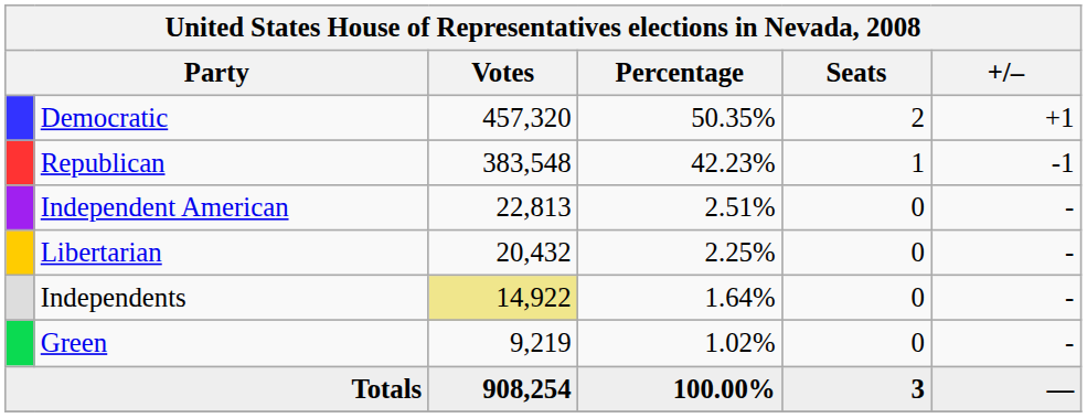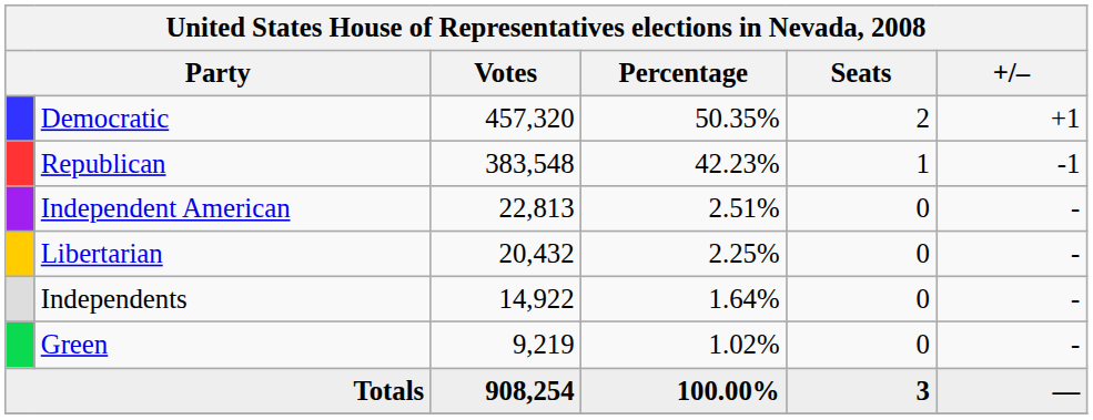 <table class="wikitable" style="font-size: 95%;">
 <tr>
 <th colspan="6">United States House of Representatives elections in Nevada, 2008</th>
 </tr>
 <tr>
 <th colspan=2 style="width: 15em">Party</th>
 <th style="width: 5em">Votes</th>
 <th style="width: 7em">Percentage</th>
 <th style="width: 5em">Seats</th>
 <th style="width: 5em">+/–</th>
 </tr>
 <tr>
 <th style="background-color:#3333FF; width: 3px"></th>
 <td style="width: 130px"><a href='#'>Democratic</a></td>
 <td align="right">457,320</td>
 <td align="right">50.35%</td>
 <td align="right">2</td>
 <td align="right">+1</td>
 </tr>
 <tr>
 <th style="background-color:#FF3333; width: 3px"></th>
 <td style="width: 130px"><a href='#'>Republican</a></td>
 <td align="right">383,548</td>
 <td align="right">42.23%</td>
 <td align="right">1</td>
 <td align="right">-1</td>
 </tr>
 <tr>
 <th style="background-color:#A020F0; width: 3px"></th>
 <td style="width: 130px"><a href='#'>Independent American</a></td>
 <td align="right">22,813</td>
 <td align="right">2.51%</td>
 <td align="right">0</td>
 <td align="right">-</td>
 </tr>
 <tr>
 <th style="background-color:#FFCC00; width: 3px"></th>
 <td style="width: 130px"><a href='#'>Libertarian</a></td>
 <td align="right">20,432</td>
 <td align="right">2.25%</td>
 <td align="right">0</td>
 <td align="right">-</td>
 </tr>
 <tr>
 <th style="background-color:#DDDDDD; width: 3px"></th>
 <td style="width: 130px">Independents</td>
-<td align="right" style="background: khaki;">14,922</td>
+<td align="right">14,922</td>
 <td align="right">1.64%</td>
 <td align="right">0</td>
 <td align="right">-</td>
 </tr>
 <tr>
 <th style="background-color:#0BDA51; width: 3px"></th>
 <td style="width: 130px"><a href='#'>Green</a></td>
 <td align="right">9,219</td>
 <td align="right">1.02%</td>
 <td align="right">0</td>
 <td align="right">-</td>
 </tr>
 <tr bgcolor="#EEEEEE">
 <td colspan="2" align="right"><strong>Totals</strong></td>
 <td align="right"><strong>908,254</strong></td>
 <td align="right"><strong>100.00%</strong></td>
 <td align="right"><strong>3</strong></td>
 <td align="right"><strong>—</strong></td>
 </tr>
 <tr bgcolor="#EEEEEE">
 </tr>
 </table>
